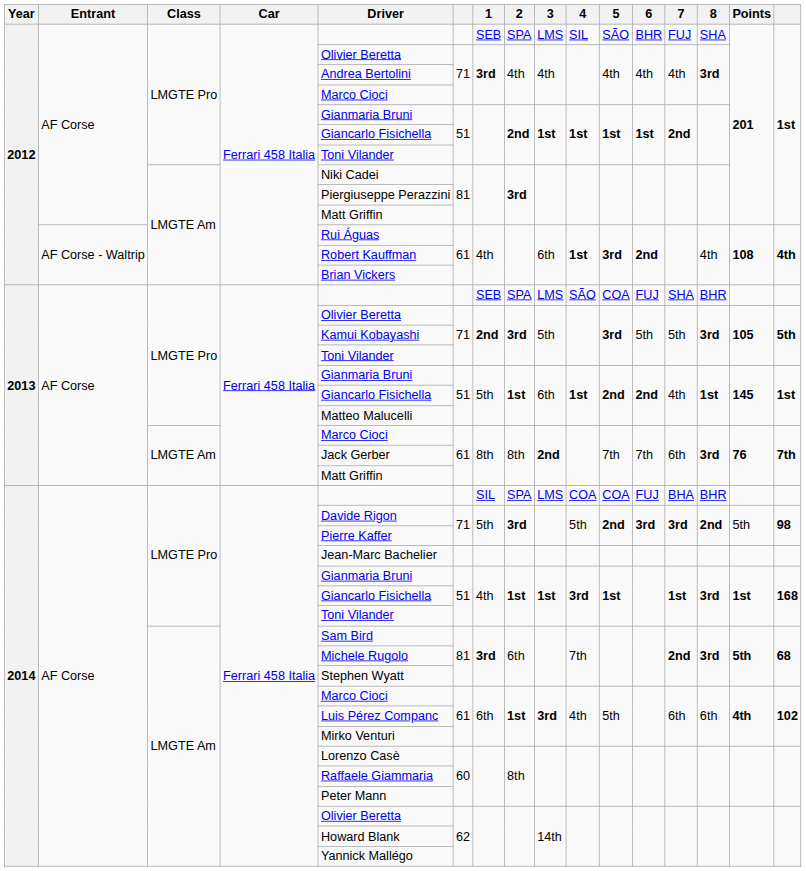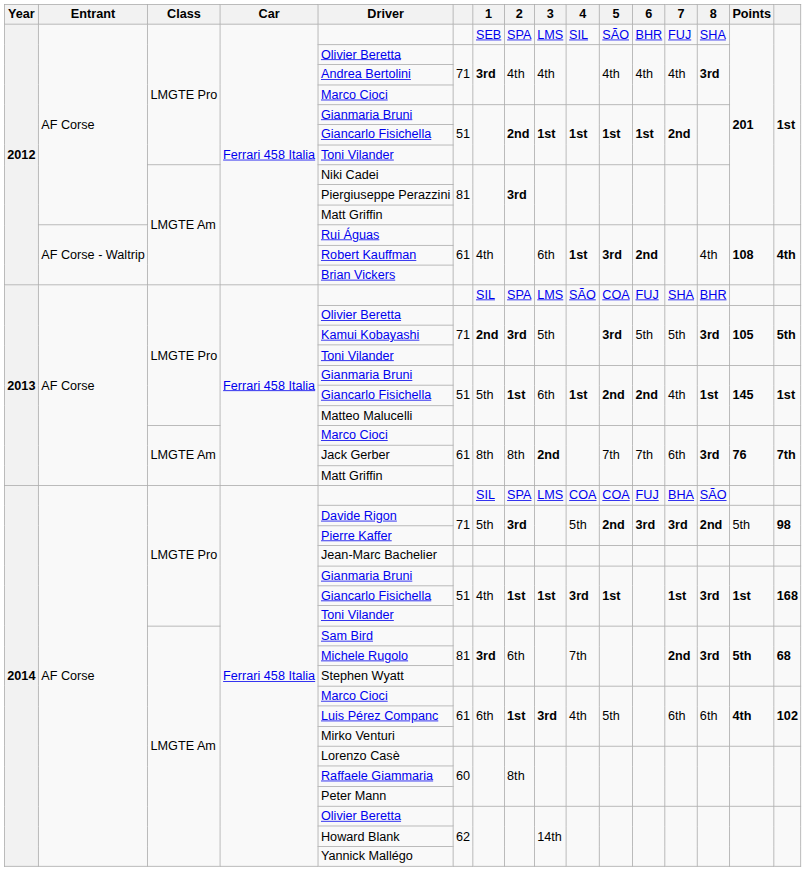 <table class="wikitable">
 <tr>
 <th>Year</th>
 <th>Entrant</th>
 <th>Class</th>
 <th>Car</th>
 <th>Driver</th>
 <th></th>
 <th>1</th>
 <th>2</th>
 <th>3</th>
 <th>4</th>
 <th>5</th>
 <th>6</th>
 <th>7</th>
 <th>8</th>
 <th>Points</th>
 <th></th>
 </tr>
 <tr>
 <th rowspan="13">2012</th>
 <td rowspan="10">AF Corse</td>
 <td rowspan="7">LMGTE Pro</td>
 <td rowspan="13"> <a href='#'>Ferrari 458 Italia</a></td>
 <td></td>
 <td></td>
 <td><a href='#'>SEB</a></td>
 <td><a href='#'>SPA</a></td>
 <td><a href='#'>LMS</a></td>
 <td><a href='#'>SIL</a></td>
 <td><a href='#'>SÃO</a></td>
 <td><a href='#'>BHR</a></td>
 <td><a href='#'>FUJ</a></td>
 <td><a href='#'>SHA</a></td>
 <td rowspan="10"><strong>201</strong></td>
 <td rowspan="10"><strong>1st</strong></td>
 </tr>
 <tr>
 <td> <a href='#'>Olivier Beretta</a></td>
 <td rowspan="3">71</td>
 <td rowspan="3"><strong>3rd</strong></td>
 <td rowspan="3">4th</td>
 <td rowspan="3">4th</td>
 <td rowspan="3"><strong></strong></td>
 <td rowspan="3">4th</td>
 <td rowspan="3">4th</td>
 <td rowspan="3">4th</td>
 <td rowspan="3"><strong>3rd</strong></td>
 </tr>
 <tr>
 <td> <a href='#'>Andrea Bertolini</a></td>
 </tr>
 <tr>
 <td> <a href='#'>Marco Cioci</a></td>
 </tr>
 <tr>
 <td> <a href='#'>Gianmaria Bruni</a></td>
 <td rowspan="3">51</td>
 <td rowspan="3"><strong></strong></td>
 <td rowspan="3"><strong>2nd</strong></td>
 <td rowspan="3"><strong>1st</strong></td>
 <td rowspan="3"><strong>1st</strong></td>
 <td rowspan="3"><strong>1st</strong></td>
 <td rowspan="3"><strong>1st</strong></td>
 <td rowspan="3"><strong>2nd</strong></td>
 <td rowspan="3"><strong></strong></td>
 </tr>
 <tr>
 <td> <a href='#'>Giancarlo Fisichella</a></td>
 </tr>
 <tr>
 <td> <a href='#'>Toni Vilander</a></td>
 </tr>
 <tr>
 <td rowspan="6">LMGTE Am</td>
 <td> Niki Cadei</td>
 <td rowspan="3">81</td>
 <td rowspan="3"></td>
 <td rowspan="3"><strong>3rd</strong></td>
 <td rowspan="3"><strong></strong></td>
 <td rowspan="3"></td>
 <td rowspan="3"></td>
 <td rowspan="3"></td>
 <td rowspan="3"></td>
 <td rowspan="3"></td>
 </tr>
 <tr>
 <td> Piergiuseppe Perazzini</td>
 </tr>
 <tr>
 <td> Matt Griffin</td>
 </tr>
 <tr>
 <td rowspan="3">AF Corse - Waltrip</td>
 <td> <a href='#'>Rui Águas</a></td>
 <td rowspan="3">61</td>
 <td rowspan="3">4th</td>
 <td rowspan="3"><strong></strong></td>
 <td rowspan="3">6th</td>
 <td rowspan="3"><strong>1st</strong></td>
 <td rowspan="3"><strong>3rd</strong></td>
 <td rowspan="3"><strong>2nd</strong></td>
 <td rowspan="3"></td>
 <td rowspan="3">4th</td>
 <td rowspan="3"><strong>108</strong></td>
 <td rowspan="3"><strong>4th</strong></td>
 </tr>
 <tr>
 <td> <a href='#'>Robert Kauffman</a></td>
 </tr>
 <tr>
 <td> <a href='#'>Brian Vickers</a></td>
 </tr>
 <tr>
 <th rowspan="10">2013</th>
 <td rowspan="10">AF Corse</td>
 <td rowspan="7">LMGTE Pro</td>
 <td rowspan="10"> <a href='#'>Ferrari 458 Italia</a></td>
 <td></td>
 <td></td>
-<td><a href='#'>SEB</a></td>
+<td><a href='#'>SIL</a></td>
 <td><a href='#'>SPA</a></td>
 <td><a href='#'>LMS</a></td>
 <td><a href='#'>SÃO</a></td>
 <td><a href='#'>COA</a></td>
 <td><a href='#'>FUJ</a></td>
 <td><a href='#'>SHA</a></td>
 <td><a href='#'>BHR</a></td>
 <td></td>
 <td></td>
 </tr>
 <tr>
 <td> <a href='#'>Olivier Beretta</a></td>
 <td rowspan="3">71</td>
 <td rowspan="3"><strong>2nd</strong></td>
 <td rowspan="3"><strong>3rd</strong></td>
 <td rowspan="3">5th</td>
 <td rowspan="3"><strong></strong></td>
 <td rowspan="3"><strong>3rd</strong></td>
 <td rowspan="3">5th</td>
 <td rowspan="3">5th</td>
 <td rowspan="3"><strong>3rd</strong></td>
 <td rowspan="3"><strong>105</strong></td>
 <td rowspan="3"><strong>5th</strong></td>
 </tr>
 <tr>
 <td> <a href='#'>Kamui Kobayashi</a></td>
 </tr>
 <tr>
 <td> <a href='#'>Toni Vilander</a></td>
 </tr>
 <tr>
 <td> <a href='#'>Gianmaria Bruni</a></td>
 <td rowspan="3">51</td>
 <td rowspan="3">5th</td>
 <td rowspan="3"><strong>1st</strong></td>
 <td rowspan="3">6th</td>
 <td rowspan="3"><strong>1st</strong></td>
 <td rowspan="3"><strong>2nd</strong></td>
 <td rowspan="3"><strong>2nd</strong></td>
 <td rowspan="3">4th</td>
 <td rowspan="3"><strong>1st</strong></td>
 <td rowspan="3"><strong>145</strong></td>
 <td rowspan="3"><strong>1st</strong></td>
 </tr>
 <tr>
 <td> <a href='#'>Giancarlo Fisichella</a></td>
 </tr>
 <tr>
 <td> Matteo Malucelli</td>
 </tr>
 <tr>
 <td rowspan="3">LMGTE Am</td>
 <td> <a href='#'>Marco Cioci</a></td>
 <td rowspan="3">61</td>
 <td rowspan="3">8th</td>
 <td rowspan="3">8th</td>
 <td rowspan="3"><strong>2nd</strong></td>
 <td rowspan="3"><strong></strong></td>
 <td rowspan="3">7th</td>
 <td rowspan="3">7th</td>
 <td rowspan="3">6th</td>
 <td rowspan="3"><strong>3rd</strong></td>
 <td rowspan="3"><strong>76</strong></td>
 <td rowspan="3"><strong>7th</strong></td>
 </tr>
 <tr>
 <td> Jack Gerber</td>
 </tr>
 <tr>
 <td> Matt Griffin</td>
 </tr>
 <tr>
 <th rowspan="19">2014</th>
 <td rowspan="19">AF Corse</td>
 <td rowspan="7">LMGTE Pro</td>
 <td rowspan="19"> <a href='#'>Ferrari 458 Italia</a></td>
 <td></td>
 <td></td>
 <td><a href='#'>SIL</a></td>
 <td><a href='#'>SPA</a></td>
 <td><a href='#'>LMS</a></td>
 <td><a href='#'>COA</a></td>
 <td><a href='#'>COA</a></td>
 <td><a href='#'>FUJ</a></td>
 <td><a href='#'>BHA</a></td>
-<td><a href='#'>BHR</a></td>
+<td><a href='#'>SÃO</a></td>
 <td></td>
 <td></td>
 </tr>
 <tr>
 <td> <a href='#'>Davide Rigon</a></td>
 <td rowspan="2">71</td>
 <td rowspan="2">5th</td>
 <td rowspan="2"><strong>3rd</strong></td>
 <td rowspan="2"><strong></strong></td>
 <td rowspan="2">5th</td>
 <td rowspan="2"><strong>2nd</strong></td>
 <td rowspan="2"><strong>3rd</strong></td>
 <td rowspan="2"><strong>3rd</strong></td>
 <td rowspan="2"><strong>2nd</strong></td>
 <td rowspan="2">5th</td>
 <td rowspan="2"><strong>98</strong></td>
 </tr>
 <tr>
 <td> <a href='#'>Pierre Kaffer</a></td>
 </tr>
 <tr>
 <td> Jean-Marc Bachelier</td>
 <td></td>
 <td></td>
 <td></td>
 <td></td>
 <td></td>
 <td></td>
 <td></td>
 <td></td>
 <td></td>
 <td></td>
 <td></td>
 </tr>
 <tr>
 <td> <a href='#'>Gianmaria Bruni</a></td>
 <td rowspan="3">51</td>
 <td rowspan="3">4th</td>
 <td rowspan="3"><strong>1st</strong></td>
 <td rowspan="3"><strong>1st</strong></td>
 <td rowspan="3"><strong>3rd</strong></td>
 <td rowspan="3"><strong>1st</strong></td>
 <td rowspan="3"><strong></strong></td>
 <td rowspan="3"><strong>1st</strong></td>
 <td rowspan="3"><strong>3rd</strong></td>
 <td rowspan="3"><strong>1st</strong></td>
 <td rowspan="3"><strong>168</strong></td>
 </tr>
 <tr>
 <td> <a href='#'>Giancarlo Fisichella</a></td>
 </tr>
 <tr>
 <td> <a href='#'>Toni Vilander</a></td>
 </tr>
 <tr>
 <td rowspan="12">LMGTE Am</td>
 <td> <a href='#'>Sam Bird</a></td>
 <td rowspan="3">81</td>
 <td rowspan="3"><strong>3rd</strong></td>
 <td rowspan="3">6th</td>
 <td rowspan="3"><strong></strong></td>
 <td rowspan="3">7th</td>
 <td rowspan="3"><strong></strong></td>
 <td rowspan="3"><strong></strong></td>
 <td rowspan="3"><strong>2nd</strong></td>
 <td rowspan="3"><strong>3rd</strong></td>
 <td rowspan="3"><strong>5th</strong></td>
 <td rowspan="3"><strong>68</strong></td>
 </tr>
 <tr>
 <td> <a href='#'>Michele Rugolo</a></td>
 </tr>
 <tr>
 <td> Stephen Wyatt</td>
 </tr>
 <tr>
 <td> <a href='#'>Marco Cioci</a></td>
 <td rowspan="3">61</td>
 <td rowspan="3">6th</td>
 <td rowspan="3"><strong>1st</strong></td>
 <td rowspan="3"><strong>3rd</strong></td>
 <td rowspan="3">4th</td>
 <td rowspan="3">5th</td>
 <td rowspan="3"><strong></strong></td>
 <td rowspan="3">6th</td>
 <td rowspan="3">6th</td>
 <td rowspan="3"><strong>4th</strong></td>
 <td rowspan="3"><strong>102</strong></td>
 </tr>
 <tr>
 <td> <a href='#'>Luis Pérez Companc</a></td>
 </tr>
 <tr>
 <td> Mirko Venturi</td>
 </tr>
 <tr>
 <td> Lorenzo Casè</td>
 <td rowspan="3">60</td>
 <td rowspan="3"></td>
 <td rowspan="3">8th</td>
 <td rowspan="3"><strong></strong></td>
 <td rowspan="3"></td>
 <td rowspan="3"></td>
 <td rowspan="3"></td>
 <td rowspan="3"></td>
 <td rowspan="3"></td>
 <td rowspan="3"></td>
 <td rowspan="3"></td>
 </tr>
 <tr>
 <td> <a href='#'>Raffaele Giammaria</a></td>
 </tr>
 <tr>
 <td> Peter Mann</td>
 </tr>
 <tr>
 <td> <a href='#'>Olivier Beretta</a></td>
 <td rowspan="3">62</td>
 <td rowspan="3"></td>
 <td rowspan="3"></td>
 <td rowspan="3">14th</td>
 <td rowspan="3"></td>
 <td rowspan="3"></td>
 <td rowspan="3"></td>
 <td rowspan="3"></td>
 <td rowspan="3"></td>
 <td rowspan="3"></td>
 <td rowspan="3"></td>
 </tr>
 <tr>
 <td> Howard Blank</td>
 </tr>
 <tr>
 <td> Yannick Mallégo</td>
 </tr>
 </table>
